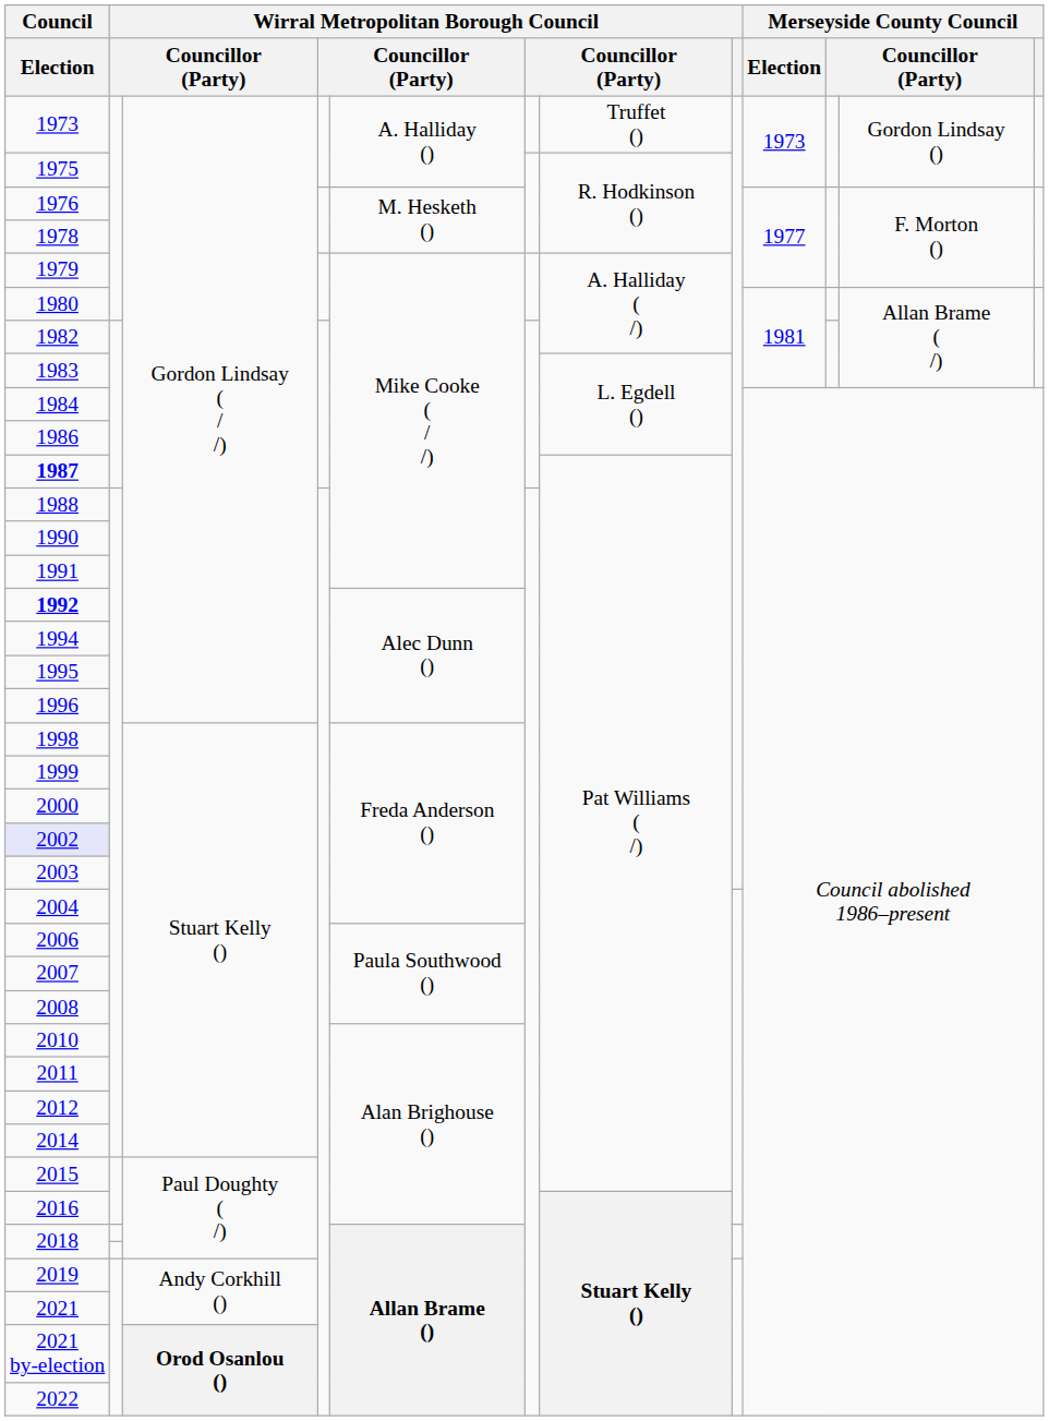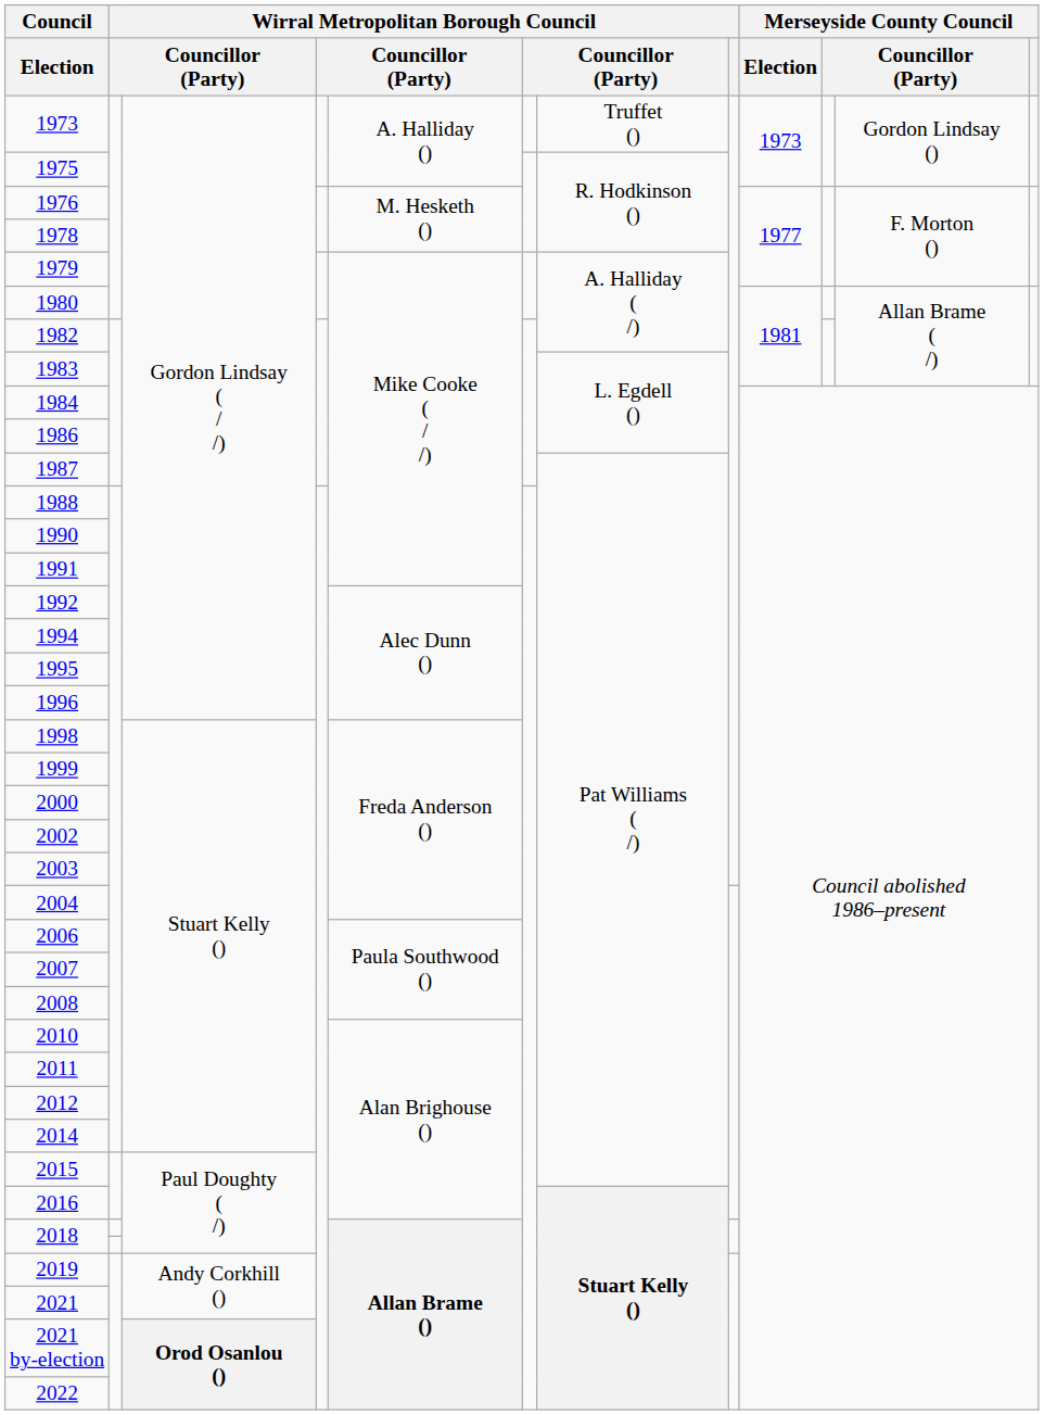 <table class="wikitable" style="text-align:center">
 <tr>
 <th>Council</th>
 <th colspan=7>Wirral Metropolitan Borough Council</th>
 <th colspan=4>Merseyside County Council</th>
 </tr>
 <tr>
 <th>Election</th>
 <th scope="col" width="150" colspan = "2">Councillor<br> (Party)</th>
 <th scope="col" width="150" colspan = "2">Councillor<br> (Party)</th>
 <th scope="col" width="150" colspan = "2">Councillor<br> (Party)</th>
 <th></th>
 <th>Election</th>
 <th scope="col" width="150" colspan = "2">Councillor<br> (Party)</th>
 <th></th>
 </tr>
 <tr>
 <td><a href='#'>1973</a></td>
 <td rowspan=8 style="background-color: "></td>
 <td rowspan=21>Gordon Lindsay<br>(<a href='#'></a><br>/<a href='#'></a><br>/<a href='#'></a>)</td>
 <td rowspan=2 style="background-color: "></td>
 <td rowspan=2>A. Halliday<br>(<a href='#'></a>)</td>
 <td style="background-color: "></td>
 <td>Truffet<br>(<a href='#'></a>)</td>
 <td rowspan=26></td>
 <td rowspan=3><a href='#'>1973</a></td>
 <td rowspan=3 style="background-color: "></td>
 <td rowspan=3>Gordon Lindsay<br>(<a href='#'></a>)</td>
 <td rowspan=3></td>
 </tr>
 <tr>
 <td><a href='#'>1975</a></td>
 <td rowspan=4 style="background-color: "></td>
 <td rowspan=4>R. Hodkinson<br>(<a href='#'></a>)</td>
 </tr>
 <tr>
 <td rowspan=2><a href='#'>1976</a></td>
 <td rowspan=3 style="background-color: "></td>
 <td rowspan=3>M. Hesketh<br>(<a href='#'></a>)</td>
 </tr>
 <tr>
 <td rowspan=4><a href='#'>1977</a></td>
 <td rowspan=4 style="background-color: "></td>
 <td rowspan=4>F. Morton<br>(<a href='#'></a>)</td>
 <td rowspan=4></td>
 </tr>
 <tr>
 <td><a href='#'>1978</a></td>
 </tr>
 <tr>
 <td><a href='#'>1979</a></td>
 <td rowspan=3 style="background-color: "></td>
 <td rowspan=12>Mike Cooke<br>(<a href='#'></a><br>/<a href='#'></a><br>/<a href='#'></a>)</td>
 <td rowspan=3 style="background-color: "></td>
 <td rowspan=4>A. Halliday<br>(<a href='#'></a><br>/<a href='#'></a>)</td>
 </tr>
 <tr>
 <td rowspan=2><a href='#'>1980</a></td>
 </tr>
 <tr>
 <td rowspan=4><a href='#'>1981</a></td>
 <td style="background-color: "></td>
 <td rowspan=4>Allan Brame<br>(<a href='#'></a><br>/<a href='#'></a>)</td>
 <td rowspan=4></td>
 </tr>
 <tr>
 <td><a href='#'>1982</a></td>
 <td rowspan=6 style="background-color: "></td>
 <td rowspan=6 style="background-color: "></td>
 <td rowspan=6 style="background-color: "></td>
 <td rowspan=3 style="background-color: "></td>
 </tr>
 <tr>
 <td><a href='#'>1983</a></td>
 <td rowspan=4>L. Egdell<br>(<a href='#'></a>)</td>
 </tr>
 <tr>
 <td rowspan=2><a href='#'>1984</a></td>
 </tr>
 <tr>
 <td colspan=4 rowspan=31><em>Council abolished<br>1986–present</em></td>
 </tr>
 <tr>
 <td><a href='#'>1986</a></td>
 </tr>
 <tr>
-<td><strong><a href='#'>1987</a></strong></td>
+<td><a href='#'>1987</a></td>
 <td rowspan=22>Pat Williams<br>(<a href='#'></a><br>/<a href='#'></a>)</td>
 </tr>
 <tr>
 <td><a href='#'>1988</a></td>
 <td rowspan=20 style="background-color: "></td>
 <td rowspan=28 style="background-color: "></td>
 <td rowspan=28 style="background-color: "></td>
 </tr>
 <tr>
 <td><a href='#'>1990</a></td>
 </tr>
 <tr>
 <td><a href='#'>1991</a></td>
 </tr>
 <tr>
-<td><strong><a href='#'>1992</a></strong></td>
+<td><a href='#'>1992</a></td>
 <td rowspan=4>Alec Dunn<br>(<a href='#'></a>)</td>
 </tr>
 <tr>
 <td><a href='#'>1994</a></td>
 </tr>
 <tr>
 <td><a href='#'>1995</a></td>
 </tr>
 <tr>
 <td><a href='#'>1996</a></td>
 </tr>
 <tr>
 <td><a href='#'>1998</a></td>
 <td rowspan=13>Stuart Kelly<br>(<a href='#'></a>)</td>
 <td rowspan=6>Freda Anderson<br>(<a href='#'></a>)</td>
 </tr>
 <tr>
 <td><a href='#'>1999</a></td>
 </tr>
 <tr>
 <td><a href='#'>2000</a></td>
 </tr>
 <tr>
-<td style="background: lavender;"><a href='#'>2002</a></td>
+<td><a href='#'>2002</a></td>
 </tr>
 <tr>
 <td><a href='#'>2003</a></td>
 </tr>
 <tr>
 <td><a href='#'>2004</a></td>
 <td rowspan=10></td>
 </tr>
 <tr>
 <td><a href='#'>2006</a></td>
 <td rowspan=3>Paula Southwood<br>(<a href='#'></a>)</td>
 </tr>
 <tr>
 <td><a href='#'>2007</a></td>
 </tr>
 <tr>
 <td><a href='#'>2008</a></td>
 </tr>
 <tr>
 <td><a href='#'>2010</a></td>
 <td rowspan=6>Alan Brighouse<br>(<a href='#'></a>)</td>
 </tr>
 <tr>
 <td><a href='#'>2011</a></td>
 </tr>
 <tr>
 <td><a href='#'>2012</a></td>
 </tr>
 <tr>
 <td><a href='#'>2014</a></td>
 </tr>
 <tr>
 <td><a href='#'>2015</a></td>
 <td rowspan=2 style="background-color: "></td>
 <td rowspan=4>Paul Doughty<br>(<a href='#'></a><br>/<a href='#'></a>)</td>
 </tr>
 <tr>
 <td><a href='#'>2016</a></td>
 <th rowspan=7>Stuart Kelly<br>(<a href='#'></a>)</th>
 </tr>
 <tr>
 <td rowspan=2><a href='#'>2018</a></td>
 <td style="background-color: "></td>
 <th rowspan=6>Allan Brame<br>(<a href='#'></a>)</th>
 <td rowspan=2></td>
 </tr>
 <tr>
 <td style="background-color: "></td>
 </tr>
 <tr>
 <td><a href='#'>2019</a></td>
 <td rowspan=4 style="background-color: "></td>
 <td rowspan=2>Andy Corkhill<br>(<a href='#'></a>)</td>
 <td rowspan=4></td>
 </tr>
 <tr>
 <td><a href='#'>2021</a></td>
 </tr>
 <tr>
 <td><a href='#'>2021<br>by-election</a></td>
 <th rowspan=2>Orod Osanlou<br>(<a href='#'></a>)</th>
 </tr>
 <tr>
 <td><a href='#'>2022</a></td>
 </tr>
 </table>
